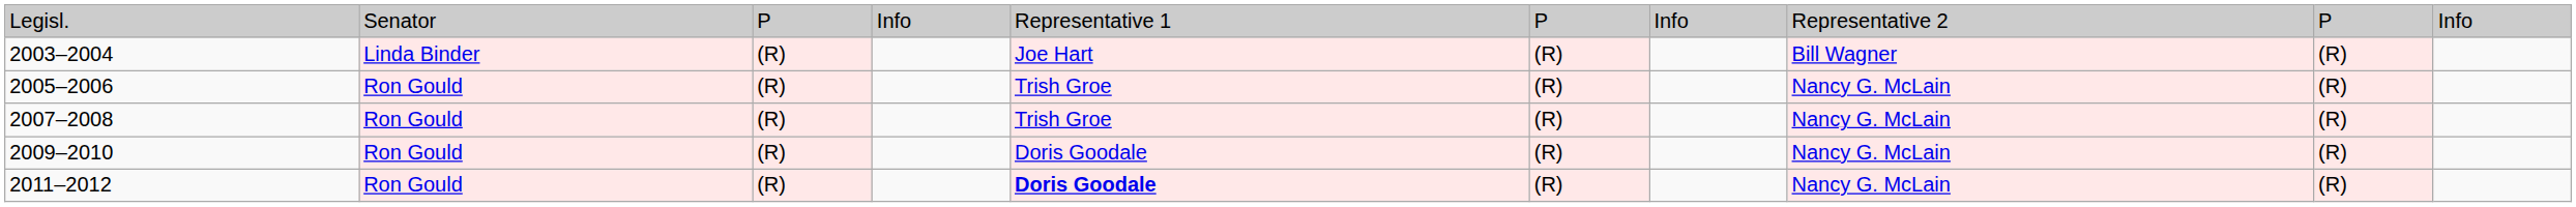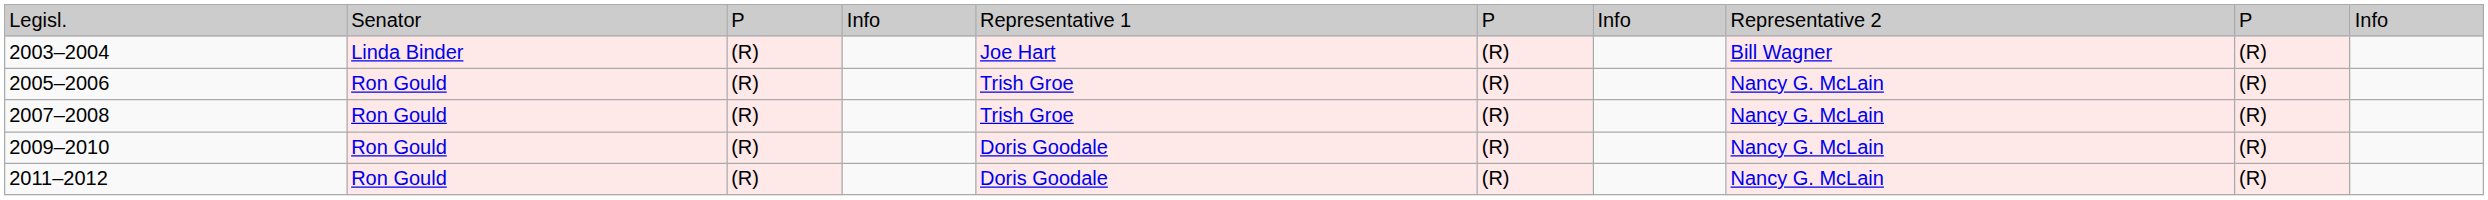 <table class=wikitable width="100%" border="1">
 <tr style="background-color:#cccccc;">
 <td>Legisl.</td>
 <td>Senator</td>
 <td>P</td>
 <td>Info</td>
 <td>Representative 1</td>
 <td>P</td>
 <td>Info</td>
 <td>Representative 2</td>
 <td>P</td>
 <td>Info</td>
 </tr>
 <tr>
 <td>2003–2004</td>
 <td style="background:#FFE8E8"><a href='#'>Linda Binder</a></td>
 <td style="background:#FFE8E8">(R)</td>
 <td></td>
 <td style="background:#FFE8E8"><a href='#'>Joe Hart</a></td>
 <td style="background:#FFE8E8">(R)</td>
 <td></td>
 <td style="background:#FFE8E8"><a href='#'>Bill Wagner</a></td>
 <td style="background:#FFE8E8">(R)</td>
 <td></td>
 </tr>
 <tr>
 <td>2005–2006</td>
 <td style="background:#FFE8E8"><a href='#'>Ron Gould</a></td>
 <td style="background:#FFE8E8">(R)</td>
 <td></td>
 <td style="background:#FFE8E8"><a href='#'>Trish Groe</a></td>
 <td style="background:#FFE8E8">(R)</td>
 <td></td>
 <td style="background:#FFE8E8"><a href='#'>Nancy G. McLain</a></td>
 <td style="background:#FFE8E8">(R)</td>
 <td></td>
 </tr>
 <tr>
 <td>2007–2008</td>
 <td style="background:#FFE8E8"><a href='#'>Ron Gould</a></td>
 <td style="background:#FFE8E8">(R)</td>
 <td></td>
 <td style="background:#FFE8E8"><a href='#'>Trish Groe</a></td>
 <td style="background:#FFE8E8">(R)</td>
 <td></td>
 <td style="background:#FFE8E8"><a href='#'>Nancy G. McLain</a></td>
 <td style="background:#FFE8E8">(R)</td>
 <td></td>
 </tr>
 <tr>
 <td>2009–2010</td>
 <td style="background:#FFE8E8"><a href='#'>Ron Gould</a></td>
 <td style="background:#FFE8E8">(R)</td>
 <td></td>
 <td style="background:#FFE8E8"><a href='#'>Doris Goodale</a></td>
 <td style="background:#FFE8E8">(R)</td>
 <td></td>
 <td style="background:#FFE8E8"><a href='#'>Nancy G. McLain</a></td>
 <td style="background:#FFE8E8">(R)</td>
 <td></td>
 </tr>
 <tr>
 <td>2011–2012</td>
 <td style="background:#FFE8E8"><a href='#'>Ron Gould</a></td>
 <td style="background:#FFE8E8">(R)</td>
 <td></td>
-<td style="background:#FFE8E8"><strong><a href='#'>Doris Goodale</a></strong></td>
+<td style="background:#FFE8E8"><a href='#'>Doris Goodale</a></td>
 <td style="background:#FFE8E8">(R)</td>
 <td></td>
 <td style="background:#FFE8E8"><a href='#'>Nancy G. McLain</a></td>
 <td style="background:#FFE8E8">(R)</td>
 <td></td>
 </tr>
 </table>
